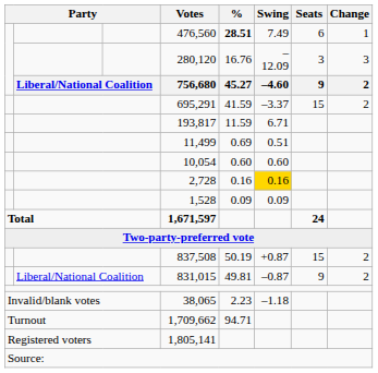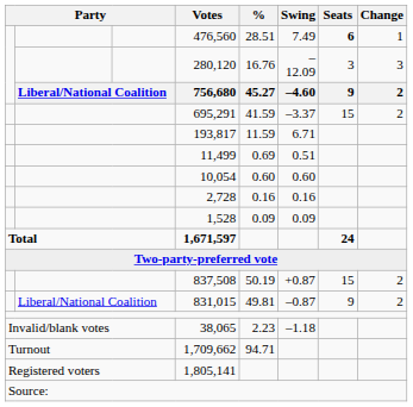 <table class="wikitable">
 <tr>
 <th colspan="3" style="width:200px"><strong>Party</strong></th>
 <th style="width:70px; text-align:center;"><strong>Votes</strong></th>
 <th style="width:40px; text-align:center;"><strong>%</strong></th>
 <th style="width:40px; text-align:center;"><strong>Swing</strong></th>
 <th style="width:40px; text-align:center;"><strong>Seats</strong></th>
 <th style="width:40px; text-align:center;"><strong>Change</strong></th>
 </tr>
 <tr>
 <td rowspan="3"> </td>
 <td> </td>
 <td></td>
 <td align=right>476,560</td>
-<td align=right><strong>28.51</strong></td>
+<td align=right>28.51</td>
 <td align=right>7.49</td>
-<td align=right>6</td>
+<td align=right><strong>6</strong></td>
 <td align=right> 1</td>
 </tr>
 <tr>
 <td> </td>
 <td></td>
 <td align=right>280,120</td>
 <td align=right>16.76</td>
 <td align=right>–12.09</td>
 <td align=right>3</td>
 <td align=right> 3</td>
 </tr>
 <tr>
 <th colspan="2" style="text-align:left;"><a href='#'>Liberal/National Coalition</a></th>
 <th style="text-align:right;">756,680</th>
 <th style="text-align:right;">45.27</th>
 <th style="text-align:right;">–4.60</th>
 <th style="text-align:right;">9</th>
 <th style="text-align:right;"> 2</th>
 </tr>
 <tr>
 <td> </td>
 <td colspan=2></td>
 <td align=right>695,291</td>
 <td align=right>41.59</td>
 <td align=right>–3.37</td>
 <td align=right>15</td>
 <td align=right> 2</td>
 </tr>
 <tr>
 <td> </td>
 <td colspan=2></td>
 <td align=right>193,817</td>
 <td align=right>11.59</td>
 <td align=right>6.71</td>
 <td align=right></td>
 <td align=right></td>
 </tr>
 <tr>
 <td> </td>
 <td colspan=2></td>
 <td align=right>11,499</td>
 <td align=right>0.69</td>
 <td align=right>0.51</td>
 <td align=right></td>
 <td align=right></td>
 </tr>
 <tr>
 <td> </td>
 <td colspan=2></td>
 <td align=right>10,054</td>
 <td align=right>0.60</td>
 <td align=right>0.60</td>
 <td align=right></td>
 <td align=right></td>
 </tr>
 <tr>
 <td> </td>
 <td colspan=2></td>
 <td align=right>2,728</td>
 <td align=right>0.16</td>
-<td align=right style="background: gold;">0.16</td>
+<td align=right>0.16</td>
 <td align=right></td>
 <td align=right></td>
 </tr>
 <tr>
 <td> </td>
 <td colspan=2></td>
 <td align=right>1,528</td>
 <td align=right>0.09</td>
 <td align=right>0.09</td>
 <td align=right></td>
 <td align=right></td>
 </tr>
 <tr>
 <td colspan="3" align="left"><strong>Total</strong></td>
 <td align=right><strong>1,671,597</strong></td>
 <td align=right></td>
 <td align=right></td>
 <td align=right><strong>24</strong></td>
 <td align=right></td>
 </tr>
 <tr>
 <td colspan="8" style="text-align:center; background:#eee;"><strong><a href='#'>Two-party-preferred vote</a></strong></td>
 </tr>
 <tr>
 <td> </td>
 <td colspan=2></td>
 <td align=right>837,508</td>
 <td align=right>50.19</td>
 <td align=right>+0.87</td>
 <td align=right>15</td>
 <td align=right> 2</td>
 </tr>
 <tr>
 <td> </td>
 <td colspan=2><a href='#'>Liberal/National Coalition</a></td>
 <td align=right>831,015</td>
 <td align=right>49.81</td>
 <td align=right>–0.87</td>
 <td align=right>9</td>
 <td align=right> 2</td>
 </tr>
 <tr>
 <td colspan="8"></td>
 </tr>
 <tr>
 <td colspan="3" style="text-align:left;">Invalid/blank votes</td>
 <td align=right>38,065</td>
 <td align=right>2.23</td>
 <td align=right>–1.18</td>
 <td></td>
 <td></td>
 </tr>
 <tr>
 <td colspan="3" style="text-align:left;">Turnout</td>
 <td align=right>1,709,662</td>
 <td align=right>94.71</td>
 <td></td>
 <td></td>
 <td></td>
 </tr>
 <tr>
 <td colspan="3" style="text-align:left;">Registered voters</td>
 <td align=right>1,805,141</td>
 <td></td>
 <td></td>
 <td></td>
 <td></td>
 </tr>
 <tr>
 <td colspan="8" align="left">Source: </td>
 </tr>
 </table>
